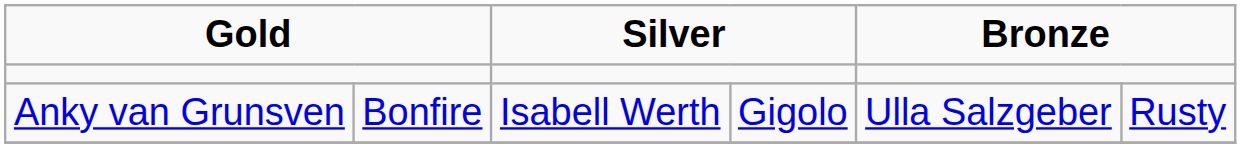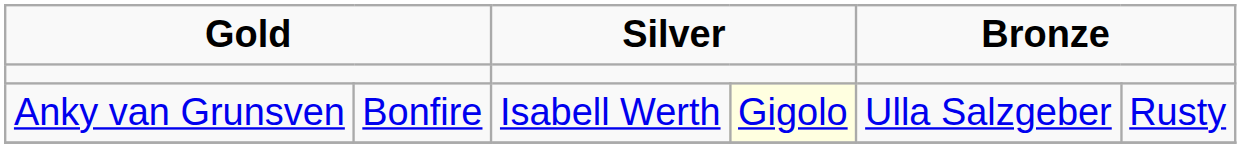 <table class="wikitable">
 <tr align="center">
 <td colspan=2><strong>Gold</strong></td>
 <td colspan=2><strong>Silver</strong></td>
 <td colspan=2><strong>Bronze</strong></td>
 </tr>
 <tr>
 <td colspan=2 align=center></td>
 <td colspan=2 align=center></td>
 <td colspan=2 align=center></td>
 </tr>
 <tr>
 <td><a href='#'>Anky van Grunsven</a></td>
 <td><a href='#'>Bonfire</a></td>
 <td><a href='#'>Isabell Werth</a></td>
-<td><a href='#'>Gigolo</a></td>
+<td style="background: lightyellow;"><a href='#'>Gigolo</a></td>
 <td><a href='#'>Ulla Salzgeber</a></td>
 <td><a href='#'>Rusty</a></td>
 </tr>
 <tr>
 </tr>
 </table>
